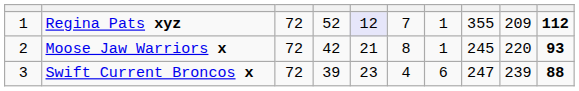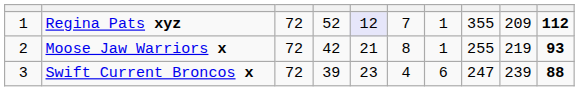 <table class="wikitable sortable">
 <tr>
 <th style="width:2em"></th>
 <th style="width:15em;" class="unsortable"></th>
 <th style="width:2em;"></th>
 <th style="width:2em;"></th>
 <th style="width:2em;"></th>
 <th style="width:2em;"></th>
 <th style="width:2em;"></th>
 <th style="width:2em;"></th>
 <th style="width:2em;"></th>
 <th style="width:2em;"></th>
 </tr>
 <tr style="font-weight: ; text-align: center;">
 <td>1</td>
 <td style="text-align:left;"><a href='#'>Regina Pats</a> <strong>xyz</strong></td>
 <td>72</td>
 <td>52</td>
 <td style="background: lavender;">12</td>
 <td>7</td>
 <td>1</td>
 <td>355</td>
 <td>209</td>
 <td><strong>112</strong></td>
 </tr>
 <tr style="font-weight: ; text-align: center;">
 <td>2</td>
 <td style="text-align:left;"><a href='#'>Moose Jaw Warriors</a> <strong>x</strong></td>
 <td>72</td>
 <td>42</td>
 <td>21</td>
 <td>8</td>
 <td>1</td>
-<td>245</td>
-<td>220</td>
+<td>255</td>
+<td>219</td>
 <td><strong>93</strong></td>
 </tr>
 <tr style="font-weight: ; text-align: center;">
 <td>3</td>
 <td style="text-align:left;"><a href='#'>Swift Current Broncos</a> <strong>x</strong></td>
 <td>72</td>
 <td>39</td>
 <td>23</td>
 <td>4</td>
 <td>6</td>
 <td>247</td>
 <td>239</td>
 <td><strong>88</strong></td>
 </tr>
 </table>
